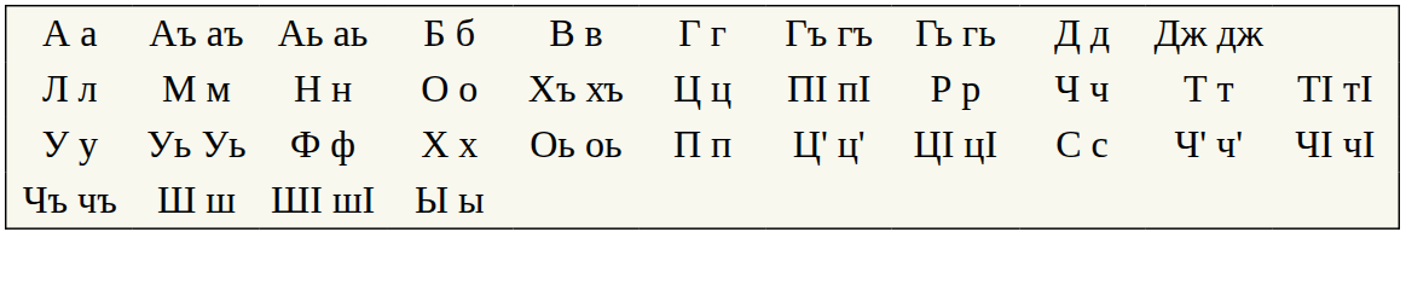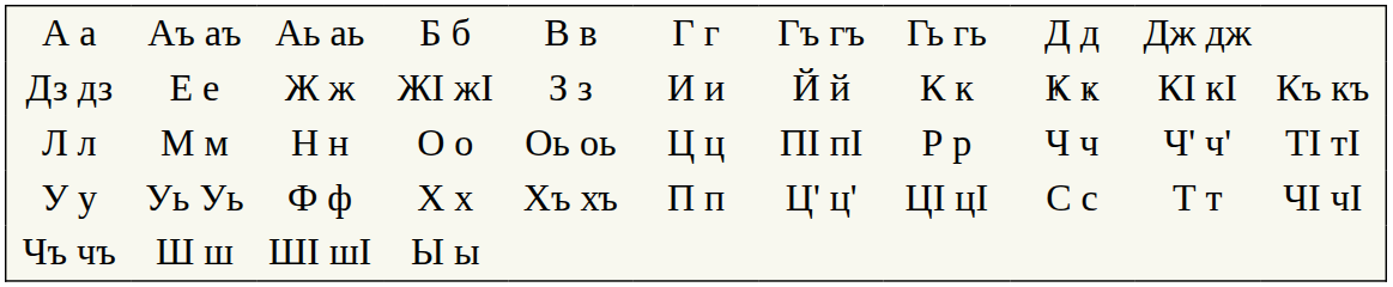 <table style="font-family:Arial Unicode MS; font-size:1.4em; border-color:#000000; border-width:1px; border-style:solid; border-collapse:collapse; background-color:#F8F8EF">
 <tr>
 <td style="width:3em; text-align:center; padding: 3px;">А а</td>
 <td style="width:3em; text-align:center; padding: 3px;">Аъ аъ</td>
 <td style="width:3em; text-align:center; padding: 3px;">Аь аь</td>
 <td style="width:3em; text-align:center; padding: 3px;">Б б</td>
 <td style="width:3em; text-align:center; padding: 3px;">В в</td>
 <td style="width:3em; text-align:center; padding: 3px;">Г г</td>
 <td style="width:3em; text-align:center; padding: 3px;">Гъ гъ</td>
 <td style="width:3em; text-align:center; padding: 3px;">Гь гь</td>
 <td style="width:3em; text-align:center; padding: 3px;">Д д</td>
 <td style="width:3em; text-align:center; padding: 3px;">Дж дж</td>
 <td style="width:3em; text-align:center; padding: 3px;"></td>
 </tr>
 <tr>
+<td style="width:3em; text-align:center; padding: 3px;">Дз дз</td>
+<td style="width:3em; text-align:center; padding: 3px;">Е е</td>
+<td style="width:3em; text-align:center; padding: 3px;">Ж ж</td>
+<td style="width:3em; text-align:center; padding: 3px;">ЖӀ жӀ</td>
+<td style="width:3em; text-align:center; padding: 3px;">З з</td>
+<td style="width:3em; text-align:center; padding: 3px;">И и</td>
+<td style="width:3em; text-align:center; padding: 3px;">Й й</td>
+<td style="width:3em; text-align:center; padding: 3px;">К к</td>
+<td style="width:3em; text-align:center; padding: 3px;">Ҝ ҝ</td>
+<td style="width:3em; text-align:center; padding: 3px;">КӀ кӀ</td>
+<td style="width:3em; text-align:center; padding: 3px;">Къ къ</td>
+</tr>
+<tr>
 <td style="width:3em; text-align:center; padding: 3px;">Л л</td>
 <td style="width:3em; text-align:center; padding: 3px;">М м</td>
 <td style="width:3em; text-align:center; padding: 3px;">Н н</td>
 <td style="width:3em; text-align:center; padding: 3px;">О о</td>
-<td style="width:3em; text-align:center; padding: 3px;">Хъ хъ</td>
+<td style="width:3em; text-align:center; padding: 3px;">Оь оь</td>
 <td style="width:3em; text-align:center; padding: 3px;">Ц ц</td>
 <td style="width:3em; text-align:center; padding: 3px;">ПӀ пӀ</td>
 <td style="width:3em; text-align:center; padding: 3px;">Р р</td>
 <td style="width:3em; text-align:center; padding: 3px;">Ч ч</td>
-<td style="width:3em; text-align:center; padding: 3px;">Т т</td>
+<td style="width:3em; text-align:center; padding: 3px;">Ч' ч'</td>
 <td style="width:3em; text-align:center; padding: 3px;">ТӀ тӀ</td>
 </tr>
 <tr>
 <td style="width:3em; text-align:center; padding: 3px;">У у</td>
 <td style="width:3em; text-align:center; padding: 3px;">Уь Уь</td>
 <td style="width:3em; text-align:center; padding: 3px;">Ф ф</td>
 <td style="width:3em; text-align:center; padding: 3px;">Х х</td>
-<td style="width:3em; text-align:center; padding: 3px;">Оь оь</td>
+<td style="width:3em; text-align:center; padding: 3px;">Хъ хъ</td>
 <td style="width:3em; text-align:center; padding: 3px;">П п</td>
 <td style="width:3em; text-align:center; padding: 3px;">Ц' ц'</td>
 <td style="width:3em; text-align:center; padding: 3px;">ЦӀ цӀ</td>
 <td style="width:3em; text-align:center; padding: 3px;">С с</td>
-<td style="width:3em; text-align:center; padding: 3px;">Ч' ч'</td>
+<td style="width:3em; text-align:center; padding: 3px;">Т т</td>
 <td style="width:3em; text-align:center; padding: 3px;">ЧӀ чӀ</td>
 </tr>
 <tr>
 <td style="width:3em; text-align:center; padding: 3px;">Чъ чъ</td>
 <td style="width:3em; text-align:center; padding: 3px;">Ш ш</td>
 <td style="width:3em; text-align:center; padding: 3px;">ШӀ шӀ</td>
 <td style="width:3em; text-align:center; padding: 3px;">Ы ы</td>
 </tr>
 </table>
